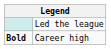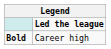 <table class="wikitable mw-collapsible mw-collapsed">
 <tr>
 <th colspan="2">Legend</th>
 </tr>
 <tr>
 <td style="background:#cfecec; width:3em"></td>
-<td>Led the league</td>
+<td><strong>Led the league</strong></td>
 </tr>
 <tr>
 <td><strong>Bold</strong></td>
 <td>Career high</td>
 </tr>
 </table>
